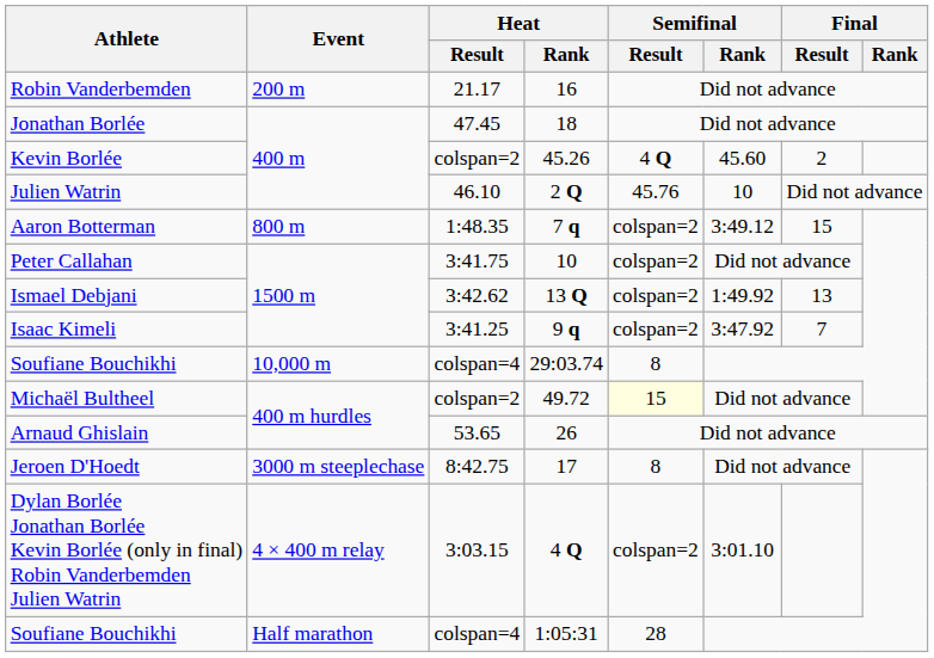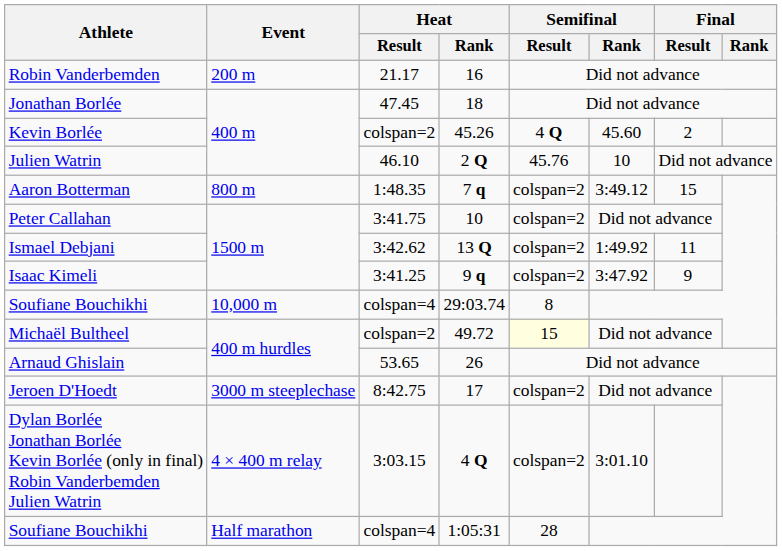 <table class="wikitable" style="font-size:90%">
 <tr>
 <th rowspan=2>Athlete</th>
 <th rowspan=2>Event</th>
 <th colspan=2>Heat</th>
 <th colspan=2>Semifinal</th>
 <th colspan=2>Final</th>
 </tr>
 <tr style="font-size:95%">
 <th>Result</th>
 <th>Rank</th>
 <th>Result</th>
 <th>Rank</th>
 <th>Result</th>
 <th>Rank</th>
 </tr>
 <tr align=center>
 <td align=left><a href='#'>Robin Vanderbemden</a></td>
 <td style="text-align:left;"><a href='#'>200 m</a></td>
 <td>21.17</td>
 <td>16</td>
 <td colspan=4>Did not advance</td>
 </tr>
 <tr align=center>
 <td align=left><a href='#'>Jonathan Borlée</a></td>
 <td style="text-align:left;" rowspan=3><a href='#'>400 m</a></td>
 <td>47.45</td>
 <td>18</td>
 <td colspan=4>Did not advance</td>
 </tr>
 <tr align=center>
 <td align=left><a href='#'>Kevin Borlée</a></td>
 <td>colspan=2 </td>
 <td>45.26</td>
 <td>4 <strong>Q</strong></td>
 <td>45.60</td>
 <td>2</td>
 </tr>
 <tr align=center>
 <td align=left><a href='#'>Julien Watrin</a></td>
 <td>46.10</td>
 <td>2 <strong>Q</strong></td>
 <td>45.76</td>
 <td>10</td>
 <td colspan=2>Did not advance</td>
 </tr>
 <tr align=center>
 <td align=left><a href='#'>Aaron Botterman</a></td>
 <td style="text-align:left;"><a href='#'>800 m</a></td>
 <td>1:48.35</td>
 <td>7 <strong>q</strong></td>
 <td>colspan=2 </td>
 <td>3:49.12</td>
 <td>15</td>
 </tr>
 <tr align=center>
 <td align=left><a href='#'>Peter Callahan</a></td>
 <td style="text-align:left;" rowspan=3><a href='#'>1500 m</a></td>
 <td>3:41.75</td>
 <td>10</td>
 <td>colspan=2 </td>
 <td colspan=2>Did not advance</td>
 </tr>
 <tr align=center>
 <td align=left><a href='#'>Ismael Debjani</a></td>
 <td>3:42.62</td>
 <td>13 <strong>Q</strong></td>
 <td>colspan=2 </td>
 <td>1:49.92</td>
-<td>13</td>
+<td>11</td>
 </tr>
 <tr align=center>
 <td align=left><a href='#'>Isaac Kimeli</a></td>
 <td>3:41.25</td>
 <td>9 <strong>q</strong></td>
 <td>colspan=2 </td>
 <td>3:47.92</td>
-<td>7</td>
+<td>9</td>
 </tr>
 <tr align=center>
 <td align=left><a href='#'>Soufiane Bouchikhi</a></td>
 <td style="text-align:left;"><a href='#'>10,000 m</a></td>
 <td>colspan=4 </td>
 <td>29:03.74</td>
 <td>8</td>
 </tr>
 <tr align=center>
 <td align=left><a href='#'>Michaël Bultheel</a></td>
 <td style="text-align:left;" rowspan=2><a href='#'>400 m hurdles</a></td>
 <td>colspan=2 </td>
 <td>49.72</td>
 <td style="background: lightyellow;">15</td>
 <td colspan=2>Did not advance</td>
 </tr>
 <tr align=center>
 <td align=left><a href='#'>Arnaud Ghislain</a></td>
 <td>53.65</td>
 <td>26</td>
 <td colspan=4>Did not advance</td>
 </tr>
 <tr align=center>
 <td align=left><a href='#'>Jeroen D'Hoedt</a></td>
 <td style="text-align:left;"><a href='#'>3000 m steeplechase</a></td>
 <td>8:42.75</td>
 <td>17</td>
-<td>8</td>
+<td>colspan=2 </td>
 <td colspan=2>Did not advance</td>
 </tr>
 <tr align=center>
 <td align=left><a href='#'>Dylan Borlée</a><br><a href='#'>Jonathan Borlée</a><br><a href='#'>Kevin Borlée</a> (only in final)<br><a href='#'>Robin Vanderbemden</a><br><a href='#'>Julien Watrin</a></td>
 <td style="text-align:left;"><a href='#'>4 × 400 m relay</a></td>
 <td>3:03.15 <strong></strong></td>
 <td>4 <strong>Q</strong></td>
 <td>colspan=2 </td>
 <td>3:01.10 <strong></strong></td>
 <td></td>
 </tr>
 <tr align=center>
 <td align=left><a href='#'>Soufiane Bouchikhi</a></td>
 <td style="text-align:left;"><a href='#'>Half marathon</a></td>
 <td>colspan=4 </td>
 <td>1:05:31</td>
 <td>28</td>
 </tr>
 </table>
